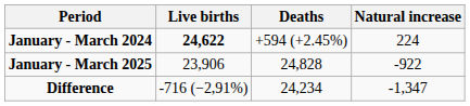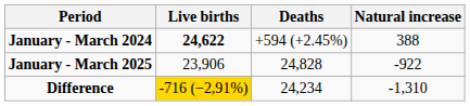 <table class="wikitable" style="text-align:center;">
 <tr>
 <th>Period</th>
 <th>Live births</th>
 <th>Deaths</th>
 <th>Natural increase</th>
 </tr>
 <tr>
 <td><strong>January - March 2024</strong></td>
 <td><strong>24,622</strong></td>
 <td> +594 (+2.45%)</td>
-<td>224</td>
+<td>388</td>
 </tr>
 <tr>
 <td><strong>January - March 2025</strong></td>
 <td>23,906</td>
 <td>24,828</td>
 <td>-922</td>
 </tr>
 <tr>
 <td><strong>Difference</strong></td>
-<td> -716 (−2,91%)</td>
+<td style="background: gold;"> -716 (−2,91%)</td>
 <td>24,234</td>
-<td> -1,347</td>
+<td> -1,310</td>
 </tr>
 </table>
